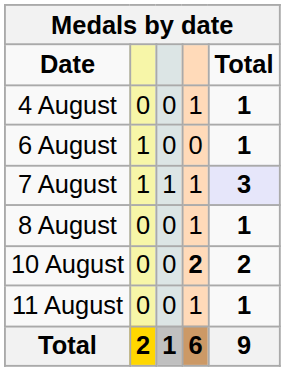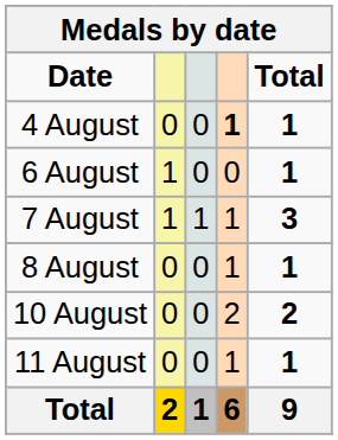 <table class="wikitable" style="font-size:85%">
 <tr bgcolor="#efefef">
 <th colspan=6>Medals by date</th>
 </tr>
 <tr align=center>
 <td><strong>Date</strong></td>
 <td bgcolor=#f7f6a8></td>
 <td bgcolor=#dce5e5></td>
 <td bgcolor=#ffdab9></td>
 <td><strong>Total</strong></td>
 </tr>
 <tr align=center>
 <td>4 August</td>
 <td style="background:#F7F6A8;">0</td>
 <td style="background:#DCE5E5;">0</td>
-<td style="background:#FFDAB9;">1</td>
+<td style="background:#FFDAB9;"><strong>1</strong></td>
 <td><strong>1</strong></td>
 </tr>
 <tr align=center>
 <td>6 August</td>
 <td style="background:#F7F6A8;">1</td>
 <td style="background:#DCE5E5;">0</td>
 <td style="background:#FFDAB9;">0</td>
 <td><strong>1</strong></td>
 </tr>
 <tr align=center>
 <td>7 August</td>
 <td style="background:#F7F6A8;">1</td>
 <td style="background:#DCE5E5;">1</td>
 <td style="background:#FFDAB9;">1</td>
-<td style="background: lavender;"><strong>3</strong></td>
+<td><strong>3</strong></td>
 </tr>
 <tr align=center>
 <td>8 August</td>
 <td style="background:#F7F6A8;">0</td>
 <td style="background:#DCE5E5;">0</td>
 <td style="background:#FFDAB9;">1</td>
 <td><strong>1</strong></td>
 </tr>
 <tr align=center>
 <td>10 August</td>
 <td style="background:#F7F6A8;">0</td>
 <td style="background:#DCE5E5;">0</td>
-<td style="background:#FFDAB9;"><strong>2</strong></td>
+<td style="background:#FFDAB9;">2</td>
 <td><strong>2</strong></td>
 </tr>
 <tr align=center>
 <td>11 August</td>
 <td style="background:#F7F6A8;">0</td>
 <td style="background:#DCE5E5;">0</td>
 <td style="background:#FFDAB9;">1</td>
 <td><strong>1</strong></td>
 </tr>
 <tr align=center>
 <th><strong>Total</strong></th>
 <th style="background:gold;"><strong>2</strong></th>
 <th style="background:silver;"><strong>1</strong></th>
 <th style="background:#c96;"><strong>6</strong></th>
 <th>9</th>
 </tr>
 </table>
